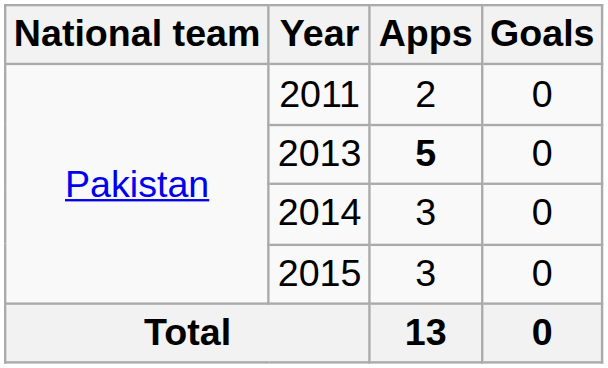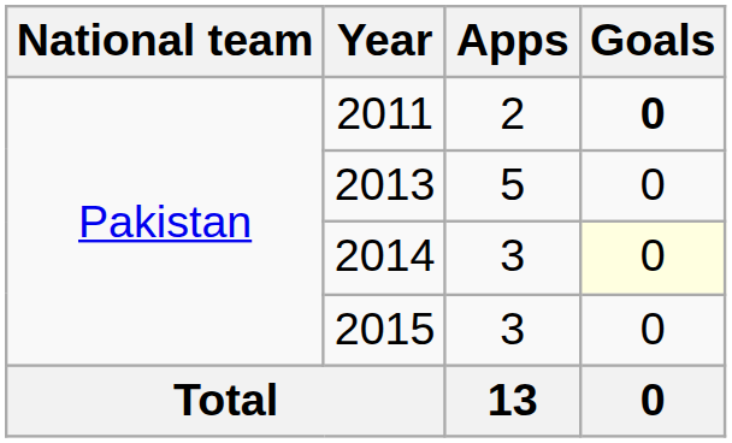 <table class="wikitable" style="text-align:center">
 <tr>
 <th>National team</th>
 <th>Year</th>
 <th>Apps</th>
 <th>Goals</th>
 </tr>
 <tr>
 <td rowspan="4"><a href='#'>Pakistan</a></td>
 <td>2011</td>
 <td>2</td>
-<td>0</td>
+<td><strong>0</strong></td>
 </tr>
 <tr>
 <td>2013</td>
-<td><strong>5</strong></td>
+<td>5</td>
 <td>0</td>
 </tr>
 <tr>
 <td>2014</td>
 <td>3</td>
-<td>0</td>
+<td style="background: lightyellow;">0</td>
 </tr>
 <tr>
 <td>2015</td>
 <td>3</td>
 <td>0</td>
 </tr>
 <tr>
 <th colspan="2">Total</th>
 <th>13</th>
 <th>0</th>
 </tr>
 </table>
